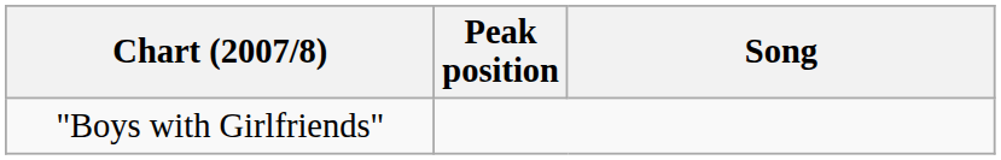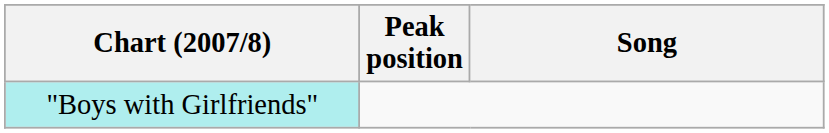 <table class="wikitable plainrowheaders sortable" style="text-align:center;" border="1">
 <tr>
 <th scope="col" style="width:12em;">Chart (2007/8)</th>
 <th scope="col">Peak<br>position</th>
 <th scope="col" style="width:12em;">Song</th>
 </tr>
 <tr>
-<td>"Boys with Girlfriends"</td>
+<td style="background: paleturquoise;">"Boys with Girlfriends"</td>
 </tr>
 </table>
